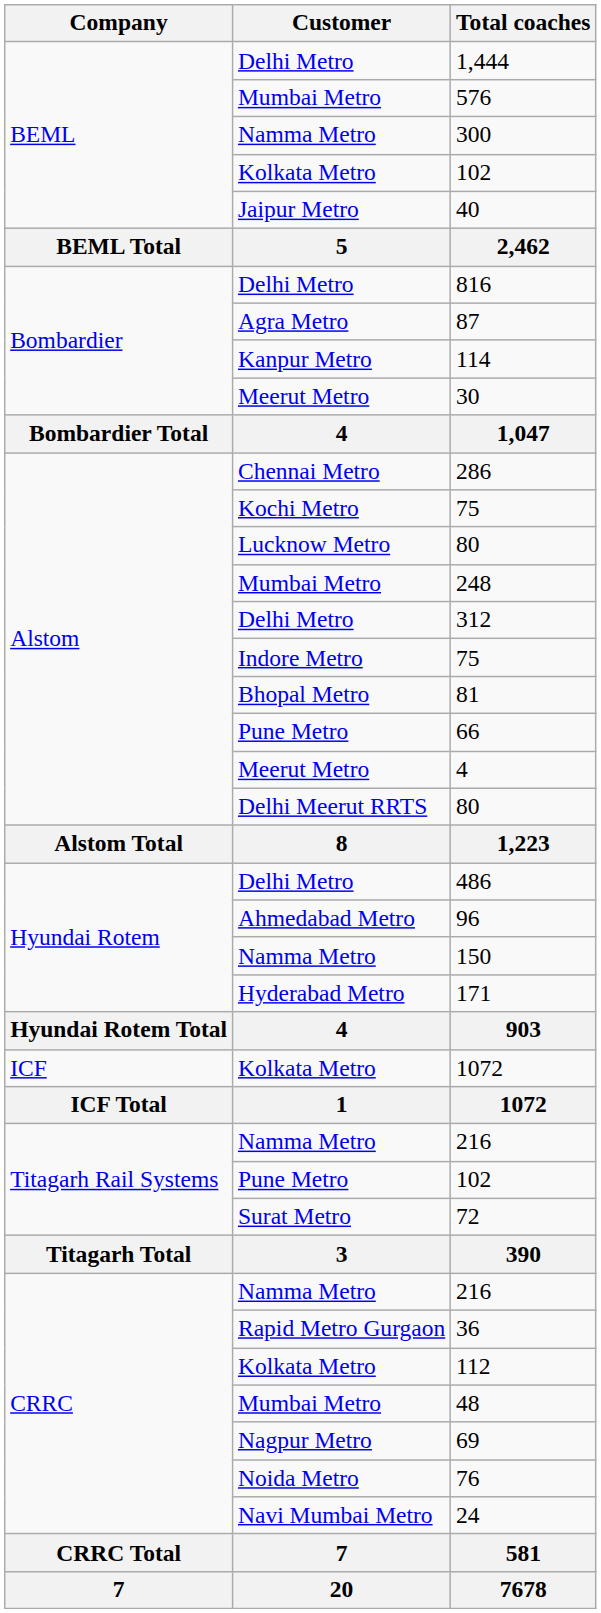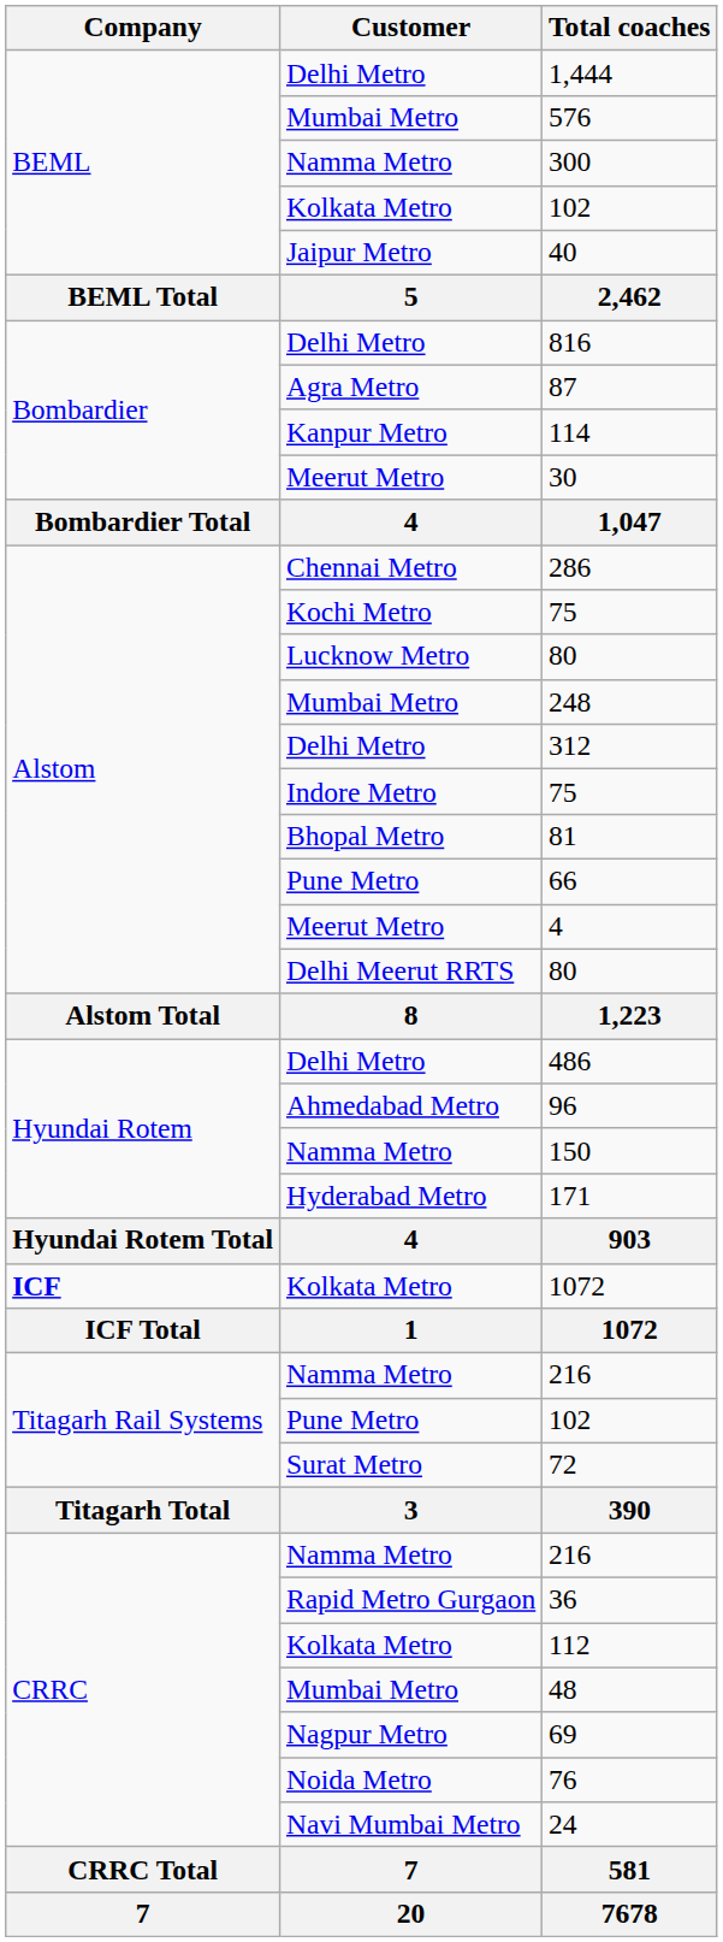 <table class="wikitable sortable">
 <tr>
 <th>Company</th>
 <th>Customer</th>
 <th>Total coaches</th>
 </tr>
 <tr>
 <td rowspan=5> <a href='#'>BEML</a></td>
 <td><a href='#'>Delhi Metro</a></td>
 <td>1,444</td>
 </tr>
 <tr>
 <td><a href='#'>Mumbai Metro</a></td>
 <td>576</td>
 </tr>
 <tr>
 <td><a href='#'>Namma Metro</a></td>
 <td>300</td>
 </tr>
 <tr>
 <td><a href='#'>Kolkata Metro</a></td>
 <td>102</td>
 </tr>
 <tr>
 <td><a href='#'>Jaipur Metro</a></td>
 <td>40</td>
 </tr>
 <tr>
 <th>BEML Total</th>
 <th>5</th>
 <th>2,462</th>
 </tr>
 <tr>
 <td rowspan=4> <a href='#'>Bombardier</a></td>
 <td><a href='#'>Delhi Metro</a></td>
 <td>816</td>
 </tr>
 <tr>
 <td><a href='#'>Agra Metro</a></td>
 <td>87</td>
 </tr>
 <tr>
 <td><a href='#'>Kanpur Metro</a></td>
 <td>114</td>
 </tr>
 <tr>
 <td><a href='#'>Meerut Metro</a></td>
 <td>30</td>
 </tr>
 <tr>
 <th>Bombardier Total</th>
 <th>4</th>
 <th>1,047</th>
 </tr>
 <tr>
 <td rowspan="10"> <a href='#'>Alstom</a></td>
 <td><a href='#'>Chennai Metro</a></td>
 <td>286</td>
 </tr>
 <tr>
 <td><a href='#'>Kochi Metro</a></td>
 <td>75</td>
 </tr>
 <tr>
 <td><a href='#'>Lucknow Metro</a></td>
 <td>80</td>
 </tr>
 <tr>
 <td><a href='#'>Mumbai Metro</a></td>
 <td>248</td>
 </tr>
 <tr>
 <td><a href='#'>Delhi Metro</a></td>
 <td>312</td>
 </tr>
 <tr>
 <td><a href='#'>Indore Metro</a></td>
 <td>75</td>
 </tr>
 <tr>
 <td><a href='#'>Bhopal Metro</a></td>
 <td>81</td>
 </tr>
 <tr>
 <td><a href='#'>Pune Metro</a></td>
 <td>66</td>
 </tr>
 <tr>
 <td><a href='#'>Meerut Metro</a></td>
 <td>4</td>
 </tr>
 <tr>
 <td><a href='#'>Delhi Meerut RRTS</a></td>
 <td>80</td>
 </tr>
 <tr>
 <th>Alstom Total</th>
 <th>8</th>
 <th>1,223</th>
 </tr>
 <tr>
 <td rowspan=4> <a href='#'>Hyundai Rotem</a></td>
 <td><a href='#'>Delhi Metro</a></td>
 <td>486</td>
 </tr>
 <tr>
 <td><a href='#'>Ahmedabad Metro</a></td>
 <td>96</td>
 </tr>
 <tr>
 <td><a href='#'>Namma Metro</a></td>
 <td>150</td>
 </tr>
 <tr>
 <td><a href='#'>Hyderabad Metro</a></td>
 <td>171</td>
 </tr>
 <tr>
 <th>Hyundai Rotem Total</th>
 <th>4</th>
 <th>903</th>
 </tr>
 <tr>
-<td> <a href='#'>ICF</a></td>
+<td><strong> <a href='#'>ICF</a></strong></td>
 <td><a href='#'>Kolkata Metro</a></td>
 <td>1072</td>
 </tr>
 <tr>
 <th>ICF Total</th>
 <th>1</th>
 <th>1072</th>
 </tr>
 <tr>
 <td rowspan="3"> <a href='#'>Titagarh Rail Systems</a></td>
 <td><a href='#'>Namma Metro</a></td>
 <td>216</td>
 </tr>
 <tr>
 <td><a href='#'>Pune Metro</a></td>
 <td>102</td>
 </tr>
 <tr>
 <td><a href='#'>Surat Metro</a></td>
 <td>72</td>
 </tr>
 <tr>
 <th>Titagarh Total</th>
 <th>3</th>
 <th>390</th>
 </tr>
 <tr>
 <td rowspan=7> <a href='#'>CRRC</a></td>
 <td><a href='#'>Namma Metro</a></td>
 <td>216</td>
 </tr>
 <tr>
 <td><a href='#'>Rapid Metro Gurgaon</a></td>
 <td>36</td>
 </tr>
 <tr>
 <td><a href='#'>Kolkata Metro</a></td>
 <td>112</td>
 </tr>
 <tr>
 <td><a href='#'>Mumbai Metro</a></td>
 <td>48</td>
 </tr>
 <tr>
 <td><a href='#'>Nagpur Metro</a></td>
 <td>69</td>
 </tr>
 <tr>
 <td><a href='#'>Noida Metro</a></td>
 <td>76</td>
 </tr>
 <tr>
 <td><a href='#'>Navi Mumbai Metro</a></td>
 <td>24</td>
 </tr>
 <tr>
 <th>CRRC Total</th>
 <th>7</th>
 <th>581</th>
 </tr>
 <tr>
 <th>7</th>
 <th>20</th>
 <th>7678</th>
 </tr>
 </table>
